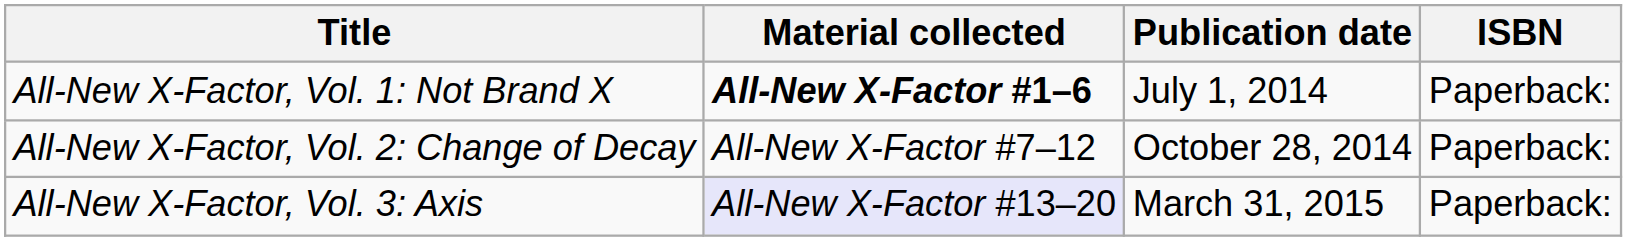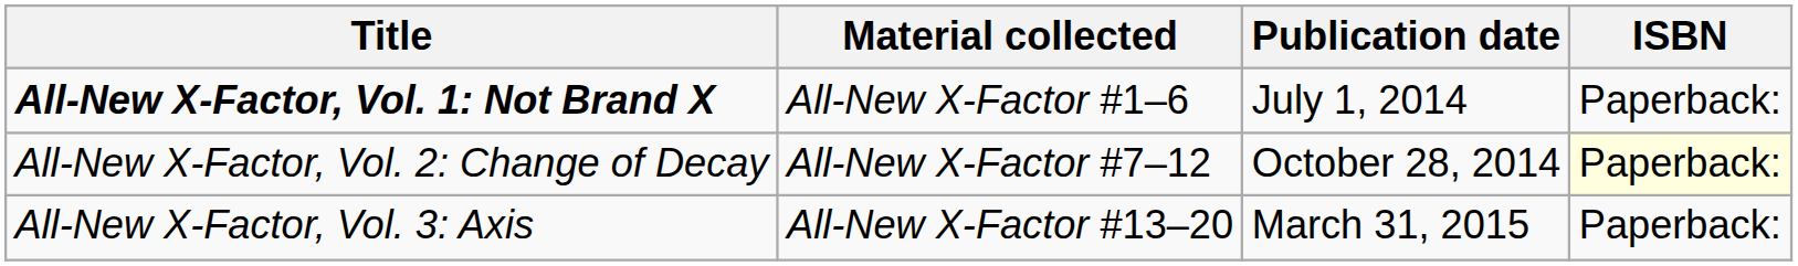 <table class="wikitable">
 <tr>
 <th>Title</th>
 <th>Material collected</th>
 <th>Publication date</th>
 <th>ISBN</th>
 </tr>
 <tr>
-<td><em>All-New X-Factor, Vol. 1: Not Brand X</em></td>
-<td><strong><em>All-New X-Factor</em> #1–6</strong></td>
+<td><strong><em>All-New X-Factor, Vol. 1: Not Brand X</em></strong></td>
+<td><em>All-New X-Factor</em> #1–6</td>
 <td>July 1, 2014</td>
 <td>Paperback: </td>
 </tr>
 <tr>
 <td><em>All-New X-Factor, Vol. 2: Change of Decay</em></td>
 <td><em>All-New X-Factor</em> #7–12</td>
 <td>October 28, 2014</td>
-<td>Paperback: </td>
+<td style="background: lightyellow;">Paperback: </td>
 </tr>
 <tr>
 <td><em>All-New X-Factor, Vol. 3: Axis</em></td>
-<td style="background: lavender;"><em>All-New X-Factor</em> #13–20</td>
+<td><em>All-New X-Factor</em> #13–20</td>
 <td>March 31, 2015</td>
 <td>Paperback: </td>
 </tr>
 </table>
